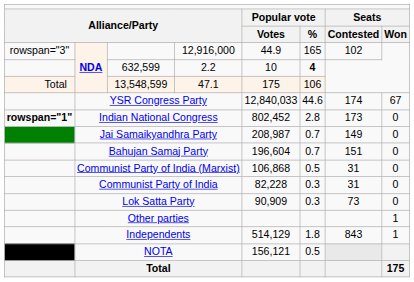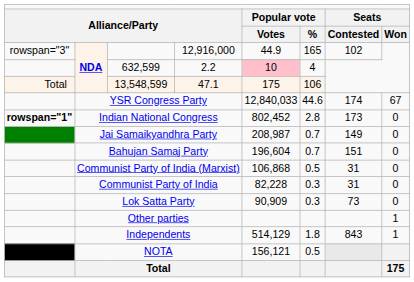 <table class="wikitable sortable" style="text-align:center;">
 <tr>
 <td colspan="8"></td>
 </tr>
 <tr>
 <th colspan="4" rowspan="2">Alliance/Party</th>
 <th colspan="2">Popular vote</th>
 <th colspan="2">Seats</th>
 </tr>
 <tr>
 <th>Votes</th>
 <th><strong> %</strong></th>
 <th>Contested</th>
 <th>Won</th>
 </tr>
 <tr>
 <td>rowspan="3" </td>
 <th rowspan="3" style="background:#fef3e8"><a href='#'>NDA</a></th>
 <td></td>
 <td>12,916,000</td>
 <td>44.9</td>
 <td style="text-align: center;">165</td>
 <td>102</td>
 </tr>
 <tr>
 <td></td>
 <td>632,599</td>
 <td>2.2</td>
-<td style="text-align: center;">10</td>
-<td><strong>4</strong></td>
+<td style="background: pink; text-align: center;">10</td>
+<td>4</td>
 </tr>
 <tr>
 <td colspan="2" style="background:#fef3e8">Total</td>
 <td style="background:#fef3e8">13,548,599</td>
 <td style="background:#fef3e8">47.1</td>
 <td style="background:#fef3e8">175</td>
 <td style="background:#fef3e8">106</td>
 </tr>
 <tr>
 <td></td>
 <td colspan="3"><a href='#'>YSR Congress Party</a></td>
 <td>12,840,033</td>
 <td>44.6</td>
 <td style="text-align: center;">174</td>
 <td>67</td>
 </tr>
 <tr>
 <td><strong>rowspan="1" </strong></td>
 <td colspan="3"><a href='#'>Indian National Congress</a></td>
 <td>802,452</td>
 <td>2.8</td>
 <td>173</td>
 <td>0</td>
 </tr>
 <tr>
 <td bgcolor="green"></td>
 <td colspan="3"><a href='#'>Jai Samaikyandhra Party</a></td>
 <td>208,987</td>
 <td>0.7</td>
 <td>149</td>
 <td>0</td>
 </tr>
 <tr>
 <td></td>
 <td colspan="3"><a href='#'>Bahujan Samaj Party</a></td>
 <td>196,604</td>
 <td>0.7</td>
 <td>151</td>
 <td>0</td>
 </tr>
 <tr>
 <td></td>
 <td colspan="3"><a href='#'>Communist Party of India (Marxist)</a></td>
 <td>106,868</td>
 <td>0.5</td>
 <td>31</td>
 <td>0</td>
 </tr>
 <tr>
 <td></td>
 <td colspan="3"><a href='#'>Communist Party of India</a></td>
 <td>82,228</td>
 <td>0.3</td>
 <td>31</td>
 <td>0</td>
 </tr>
 <tr>
 <td></td>
 <td colspan="3"><a href='#'>Lok Satta Party</a></td>
 <td>90,909</td>
 <td>0.3</td>
 <td>73</td>
 <td>0</td>
 </tr>
 <tr>
 <td></td>
 <td colspan="3"><a href='#'>Other parties</a></td>
 <td></td>
 <td></td>
 <td></td>
 <td>1</td>
 </tr>
 <tr>
 <td></td>
 <td colspan="3"><a href='#'>Independents</a></td>
 <td>514,129</td>
 <td>1.8</td>
 <td style="text-align: center;">843</td>
 <td>1</td>
 </tr>
 <tr>
 <td bgcolor="Black"></td>
 <td colspan="3"><a href='#'>NOTA</a></td>
 <td>156,121</td>
 <td>0.5</td>
 <th colspan="1" style="background-color:#E9E9E9"></th>
 <th></th>
 </tr>
 <tr>
 <th></th>
 <th colspan="3">Total</th>
 <th></th>
 <th></th>
 <th></th>
 <th>175</th>
 </tr>
 </table>
